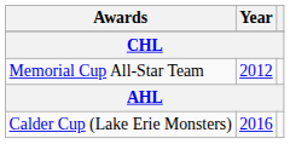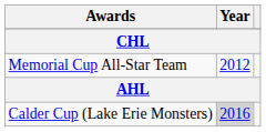 <table class="wikitable">
 <tr>
 <th>Awards</th>
 <th>Year</th>
 <th></th>
 </tr>
 <tr>
 </tr>
 <tr ALIGN="center">
 <th colspan="3"><a href='#'>CHL</a></th>
 </tr>
 <tr>
 <td><a href='#'>Memorial Cup</a> All-Star Team</td>
 <td><a href='#'>2012</a></td>
 <td></td>
 </tr>
 <tr ALIGN="center">
 <th colspan="3"><a href='#'>AHL</a></th>
 </tr>
 <tr>
 <td><a href='#'>Calder Cup</a> (Lake Erie Monsters)</td>
-<td><a href='#'>2016</a></td>
+<td style="background: lightgrey;"><a href='#'>2016</a></td>
 <td></td>
 </tr>
 </table>
